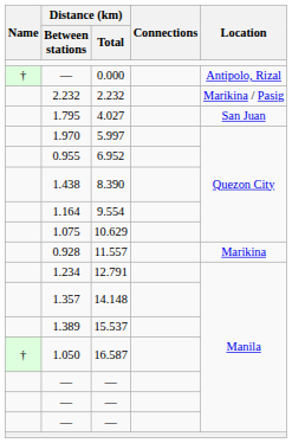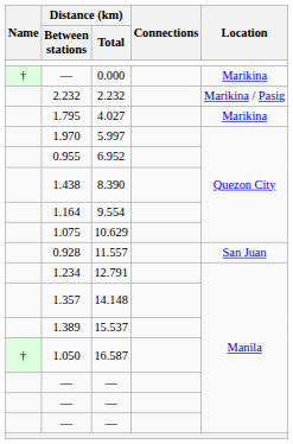 <table class="wikitable collapsible" style="border: none; text-align:center;font-size:95%;">
 <tr>
 <th rowspan="2">Name</th>
 <th colspan="2">Distance (km)</th>
 <th rowspan="2">Connections</th>
 <th rowspan="2">Location</th>
 </tr>
 <tr>
 <th class="nowrap">Between<br>stations</th>
 <th class="nowrap">Total</th>
 </tr>
 <tr style="background:#">
 <td colspan="6"></td>
 </tr>
 <tr>
 <td style="background-color:#ddffdd"> †</td>
 <td>—</td>
 <td>0.000</td>
 <td style="text-align: left"></td>
-<td rowspan="1"><a href='#'>Antipolo, Rizal</a></td>
+<td><a href='#'>Marikina</a></td>
 </tr>
 <tr>
 <td></td>
 <td>2.232</td>
 <td>2.232</td>
 <td style="text-align: left"></td>
 <td><a href='#'>Marikina</a> / <a href='#'>Pasig</a></td>
 </tr>
 <tr>
 <td></td>
 <td>1.795</td>
 <td>4.027</td>
 <td style="text-align: left"></td>
-<td><a href='#'>San Juan</a></td>
+<td><a href='#'>Marikina</a></td>
 </tr>
 <tr>
 <td></td>
 <td>1.970</td>
 <td>5.997</td>
 <td style="text-align: left"></td>
 <td rowspan="5"><a href='#'>Quezon City</a></td>
 </tr>
 <tr>
 <td></td>
 <td>0.955</td>
 <td>6.952</td>
 <td style="text-align: left"><br></td>
 </tr>
 <tr>
 <td></td>
 <td>1.438</td>
 <td>8.390</td>
 <td style="text-align: left"><br><br></td>
 </tr>
 <tr>
 <td></td>
 <td>1.164</td>
 <td>9.554</td>
 <td style="text-align: left"></td>
 </tr>
 <tr>
 <td></td>
 <td>1.075</td>
 <td>10.629</td>
 <td style="text-align: left"></td>
 </tr>
 <tr>
 <td></td>
 <td>0.928</td>
 <td>11.557</td>
 <td style="text-align: left"></td>
-<td><a href='#'>Marikina</a></td>
+<td><a href='#'>San Juan</a></td>
 </tr>
 <tr>
 <td></td>
 <td>1.234</td>
 <td>12.791</td>
 <td style="text-align: left"></td>
 <td rowspan="7"><a href='#'>Manila</a></td>
 </tr>
 <tr>
 <td></td>
 <td>1.357</td>
 <td>14.148</td>
 <td style="text-align: left"><br><br></td>
 </tr>
 <tr>
 <td></td>
 <td>1.389</td>
 <td>15.537</td>
 <td style="text-align: left"></td>
 </tr>
 <tr>
 <td style="background-color:#ddffdd"> †</td>
 <td>1.050</td>
 <td>16.587</td>
 <td style="text-align: left"><br><br></td>
 </tr>
 <tr>
 <td><em></em></td>
 <td>—</td>
 <td>—</td>
 <td style="text-align: left"><br></td>
 </tr>
 <tr>
 <td><em></em></td>
 <td>—</td>
 <td>—</td>
 <td></td>
 </tr>
 <tr>
 <td><em></em></td>
 <td>—</td>
 <td>—</td>
 <td style="text-align: left"><br></td>
 </tr>
 <tr>
 <th colspan="5"></th>
 </tr>
 </table>
